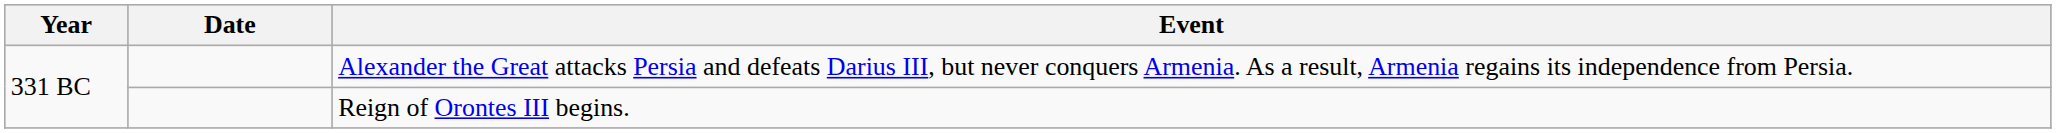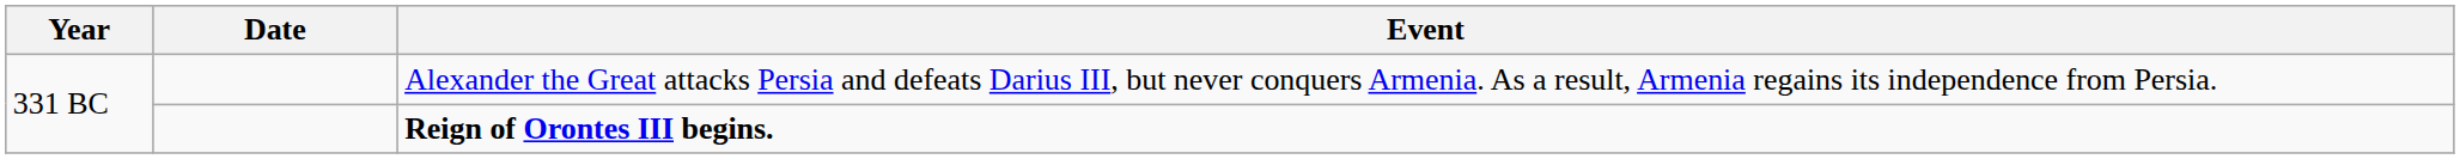 <table class="wikitable" width="100%">
 <tr>
 <th style="width:6%">Year</th>
 <th style="width:10%">Date</th>
 <th>Event</th>
 </tr>
 <tr>
 <td rowspan="2">331 BC</td>
 <td></td>
 <td><a href='#'>Alexander the Great</a> attacks <a href='#'>Persia</a> and defeats <a href='#'>Darius III</a>, but never conquers <a href='#'>Armenia</a>. As a result, <a href='#'>Armenia</a> regains its independence from Persia.</td>
 </tr>
 <tr>
 <td></td>
-<td>Reign of <a href='#'>Orontes III</a> begins.</td>
+<td><strong>Reign of <a href='#'>Orontes III</a> begins.</strong></td>
 </tr>
 </table>
